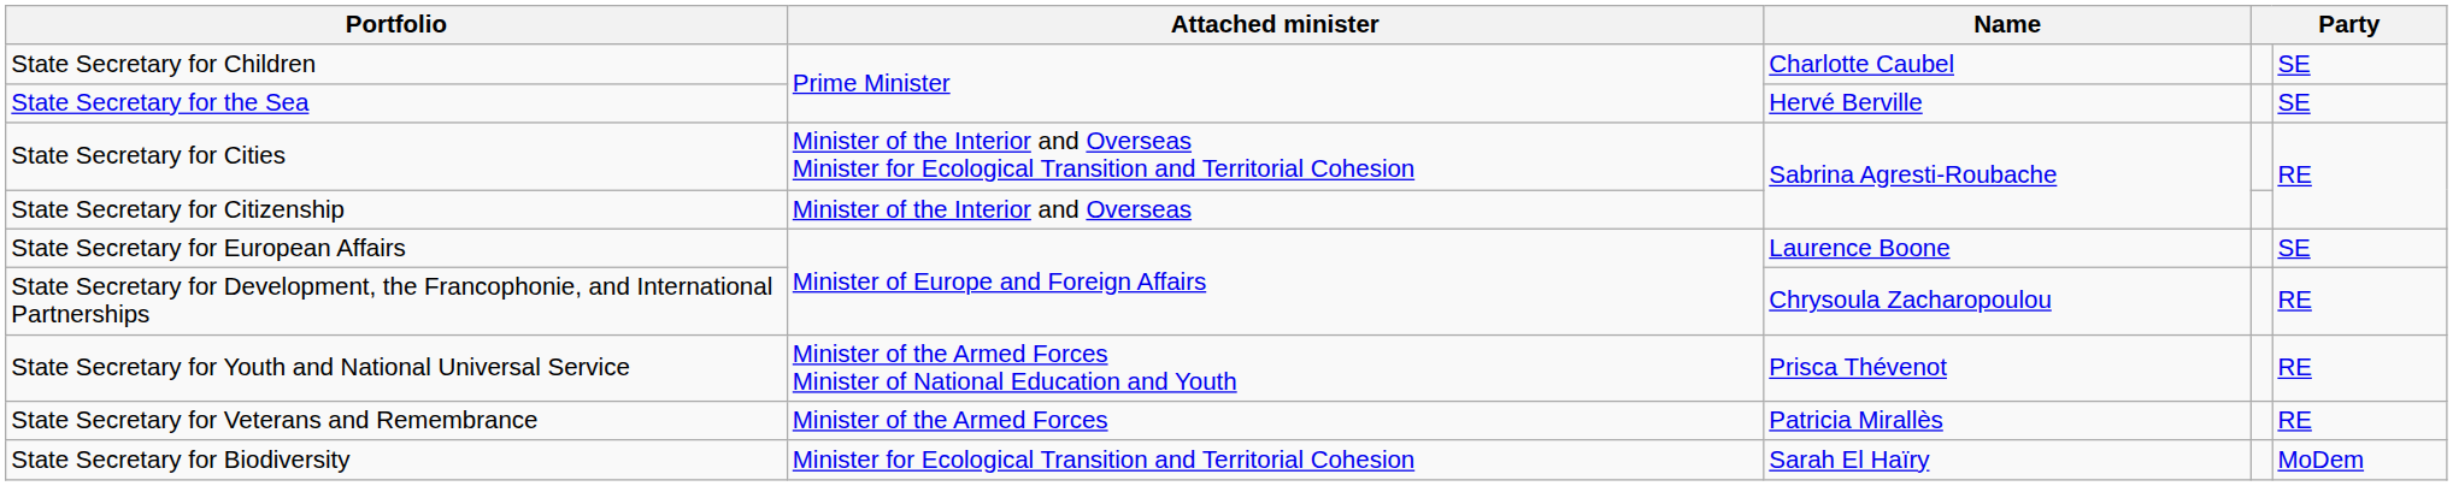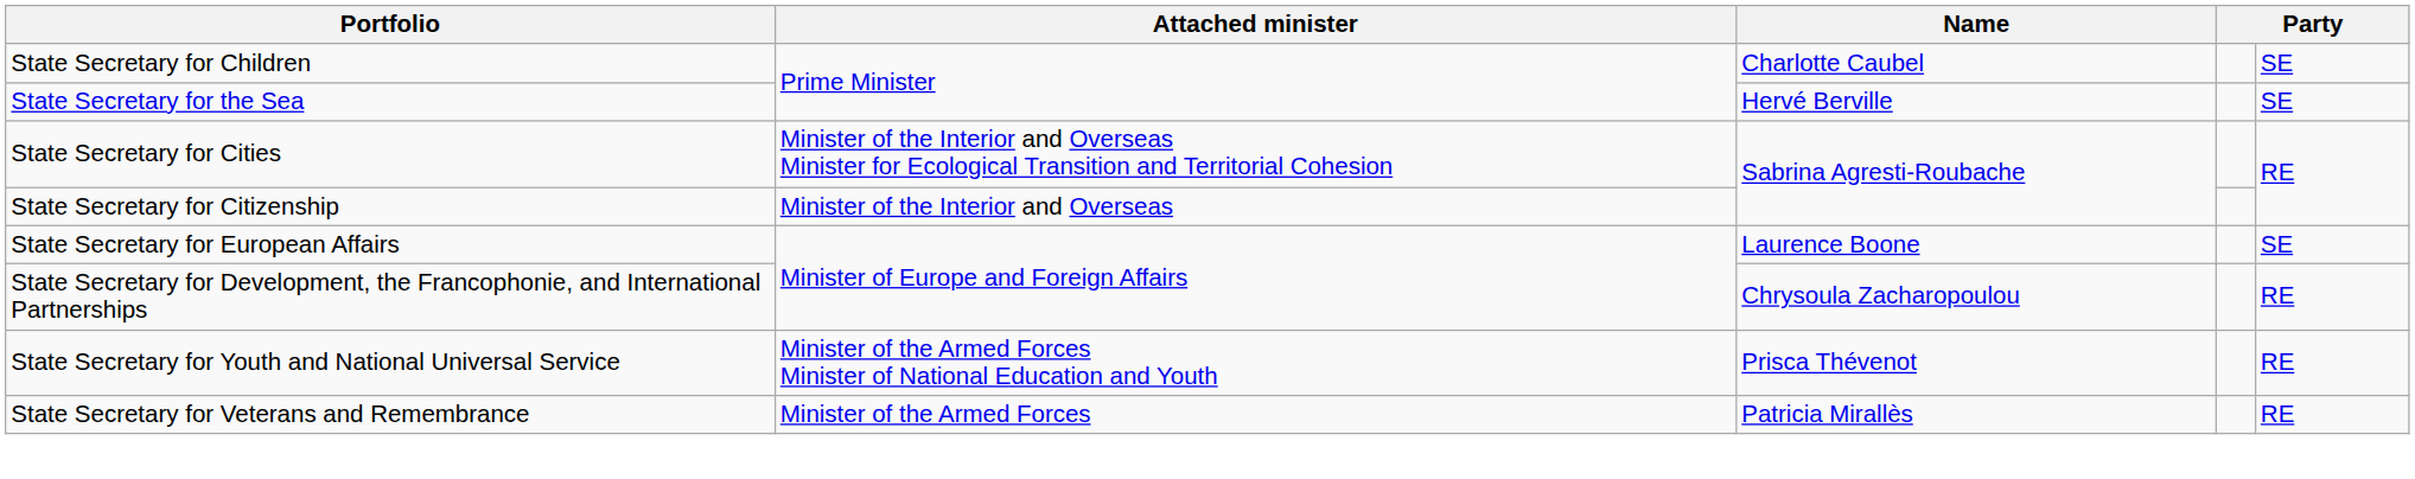 <table class="wikitable" style="width:100%">
 <tr>
 <th>Portfolio</th>
 <th style="width:40%">Attached minister</th>
 <th style="width:20%">Name</th>
 <th style="width:8%" colspan="2">Party</th>
 </tr>
 <tr>
 <td>State Secretary for Children</td>
 <td rowspan=2><a href='#'>Prime Minister</a></td>
 <td><a href='#'>Charlotte Caubel</a></td>
 <td style="background:"></td>
 <td><a href='#'>SE</a></td>
 </tr>
 <tr>
 <td><a href='#'>State Secretary for the Sea</a></td>
 <td><a href='#'>Hervé Berville</a></td>
 <td style="background:"></td>
 <td><a href='#'>SE</a></td>
 </tr>
 <tr>
 <td>State Secretary for Cities</td>
 <td><a href='#'>Minister of the Interior</a> and <a href='#'>Overseas</a><br><a href='#'>Minister for Ecological Transition and Territorial Cohesion</a></td>
 <td rowspan="2"><a href='#'>Sabrina Agresti-Roubache</a></td>
 <td style="background:"></td>
 <td rowspan="2"><a href='#'>RE</a></td>
 </tr>
 <tr>
 <td>State Secretary for Citizenship</td>
 <td><a href='#'>Minister of the Interior</a> and <a href='#'>Overseas</a></td>
 <td style="background:"></td>
 </tr>
 <tr>
 <td>State Secretary for European Affairs</td>
 <td rowspan=2><a href='#'>Minister of Europe and Foreign Affairs</a></td>
 <td><a href='#'>Laurence Boone</a></td>
 <td style="background:"></td>
 <td><a href='#'>SE</a></td>
 </tr>
 <tr>
 <td>State Secretary for Development, the Francophonie, and International Partnerships</td>
 <td><a href='#'>Chrysoula Zacharopoulou</a></td>
 <td style="background:"></td>
 <td><a href='#'>RE</a></td>
 </tr>
 <tr>
 <td>State Secretary for Youth and National Universal Service</td>
 <td><a href='#'>Minister of the Armed Forces</a><br><a href='#'>Minister of National Education and Youth</a></td>
 <td><a href='#'>Prisca Thévenot</a></td>
 <td style="background:"></td>
 <td><a href='#'>RE</a></td>
 </tr>
 <tr>
 <td>State Secretary for Veterans and Remembrance</td>
 <td><a href='#'>Minister of the Armed Forces</a></td>
 <td><a href='#'>Patricia Mirallès</a></td>
 <td style="background:"></td>
 <td><a href='#'>RE</a></td>
 </tr>
-<tr>
-<td>State Secretary for Biodiversity</td>
-<td><a href='#'>Minister for Ecological Transition and Territorial Cohesion</a></td>
-<td><a href='#'>Sarah El Haïry</a></td>
-<td style=background:></td>
-<td><a href='#'>MoDem</a></td>
-</tr>
 </table>
